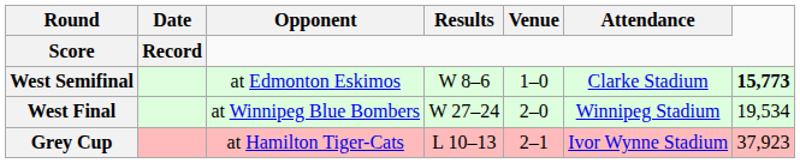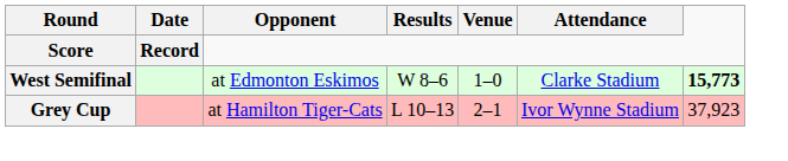 <table class="wikitable" style="text-align:center">
 <tr>
 <th>Round</th>
 <th>Date</th>
 <th>Opponent</th>
 <th>Results</th>
 <th>Venue</th>
 <th>Attendance</th>
 </tr>
 <tr>
 <th>Score</th>
 <th>Record</th>
 </tr>
 <tr style="background:#ddffdd">
 <th>West Semifinal</th>
 <td></td>
 <td>at <a href='#'>Edmonton Eskimos</a></td>
 <td>W 8–6</td>
 <td>1–0</td>
 <td><a href='#'>Clarke Stadium</a></td>
 <td><strong>15,773</strong></td>
 </tr>
-<tr style="background:#ddffdd">
-<th>West Final</th>
-<td></td>
-<td>at <a href='#'>Winnipeg Blue Bombers</a></td>
-<td>W 27–24</td>
-<td>2–0</td>
-<td><a href='#'>Winnipeg Stadium</a></td>
-<td>19,534</td>
-</tr>
 <tr style="background:#ffbbbb">
 <th>Grey Cup</th>
 <td></td>
 <td>at <a href='#'>Hamilton Tiger-Cats</a></td>
 <td>L 10–13</td>
 <td>2–1</td>
 <td><a href='#'>Ivor Wynne Stadium</a></td>
 <td>37,923</td>
 </tr>
 </table>
